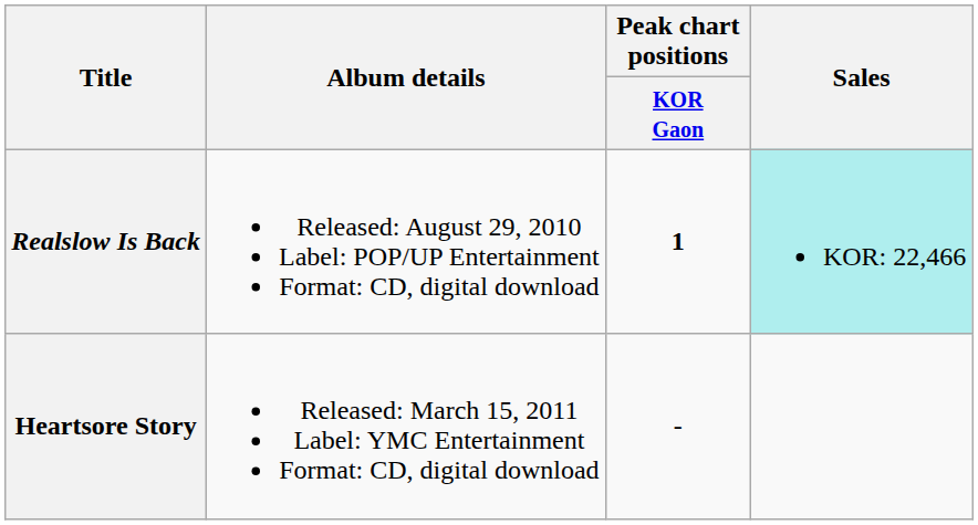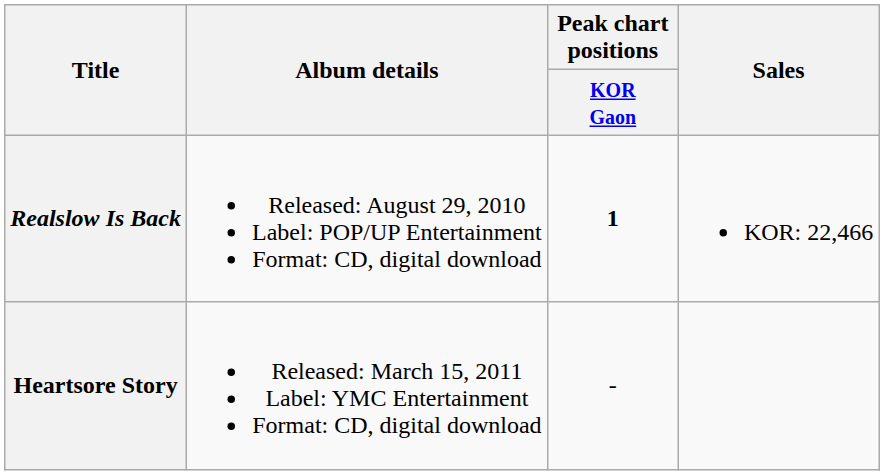 <table class="wikitable plainrowheaders" style="text-align:center;">
 <tr>
 <th rowspan="2" scope="col">Title</th>
 <th rowspan="2" scope="col">Album details</th>
 <th colspan="1" scope="col" style="width:5em;">Peak chart positions</th>
 <th rowspan="2" scope="col">Sales</th>
 </tr>
 <tr>
 <th><small><a href='#'>KOR<br>Gaon</a></small><br></th>
 </tr>
 <tr>
 <th scope="row"><em>Realslow Is Back</th>
 <td><br><ul><li>Released: August 29, 2010</li><li>Label: POP/UP Entertainment</li><li>Format: CD, digital download</li></ul></td>
 <td><strong>1</strong></td>
-<td style="background: paleturquoise;"><br><ul><li>KOR: 22,466</li></ul></td>
+<td><br><ul><li>KOR: 22,466</li></ul></td>
 </tr>
 <tr>
 <th scope="row"></em>Heartsore Story<em></th>
 <td><br><ul><li>Released: March 15, 2011</li><li>Label: YMC Entertainment</li><li>Format: CD, digital download</li></ul></td>
 <td>-</td>
 </tr>
 </table>
